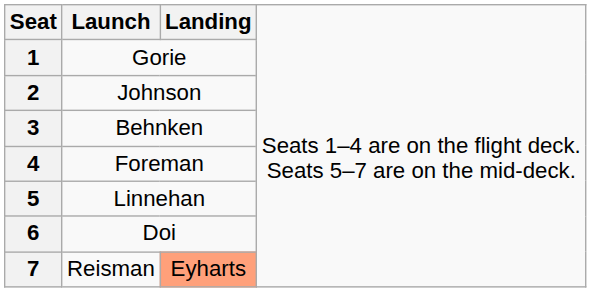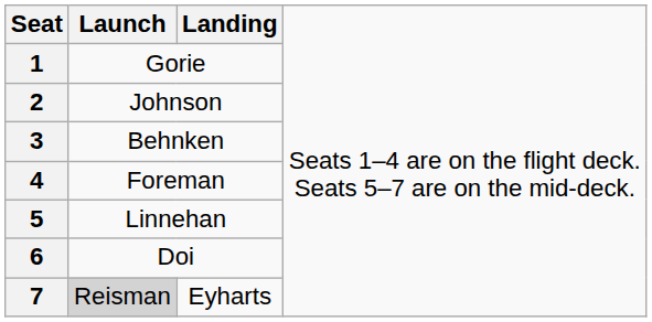 <table class="wikitable" style="text-align:center">
 <tr>
 <th>Seat</th>
 <th>Launch</th>
 <th>Landing</th>
 <td rowspan=8><br>Seats 1–4 are on the flight deck.<br>Seats 5–7 are on the mid-deck.</td>
 </tr>
 <tr>
 <th>1</th>
 <td colspan=2>Gorie</td>
 </tr>
 <tr>
 <th>2</th>
 <td colspan=2>Johnson</td>
 </tr>
 <tr>
 <th>3</th>
 <td colspan=2>Behnken</td>
 </tr>
 <tr>
 <th>4</th>
 <td colspan=2>Foreman</td>
 </tr>
 <tr>
 <th>5</th>
 <td colspan=2>Linnehan</td>
 </tr>
 <tr>
 <th>6</th>
 <td colspan=2>Doi</td>
 </tr>
 <tr>
 <th>7</th>
-<td>Reisman</td>
-<td style="background: lightsalmon;">Eyharts</td>
+<td style="background: lightgrey;">Reisman</td>
+<td>Eyharts</td>
 </tr>
 </table>
